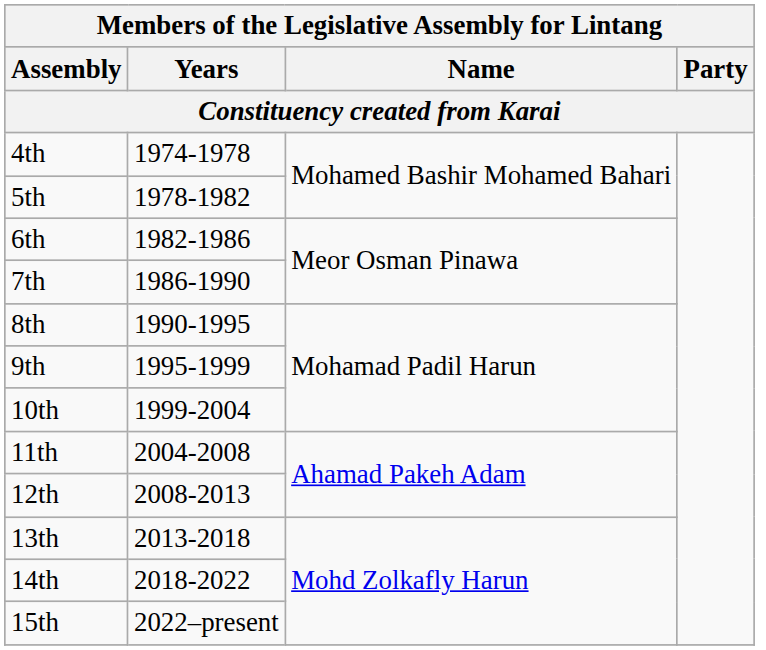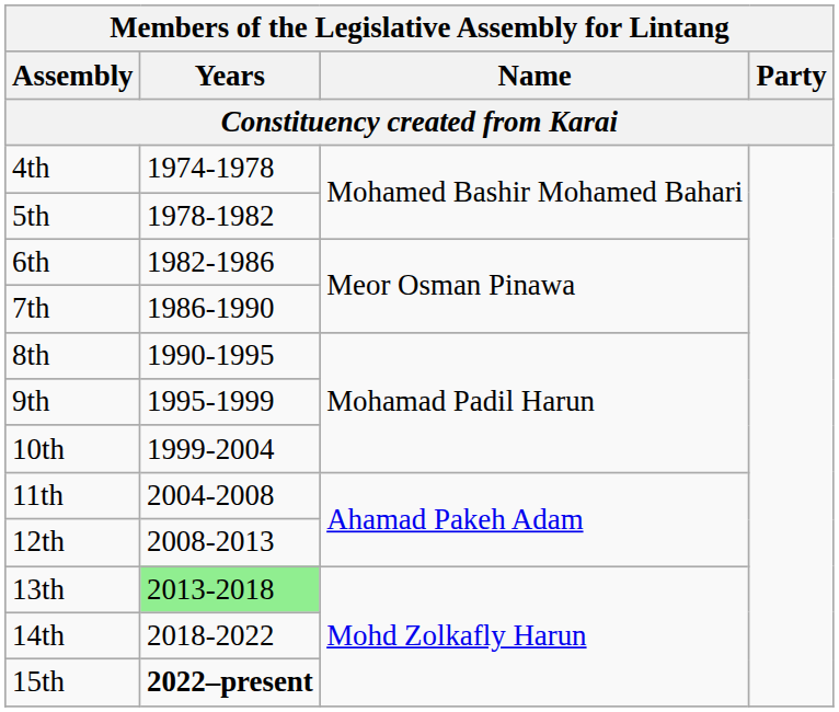 <table class="wikitable">
 <tr>
 <th colspan="4">Members of the Legislative Assembly for Lintang</th>
 </tr>
 <tr>
 <th>Assembly</th>
 <th>Years</th>
 <th>Name</th>
 <th>Party</th>
 </tr>
 <tr>
 <th colspan="4"><em>Constituency created from Karai</em></th>
 </tr>
 <tr>
 <td>4th</td>
 <td>1974-1978</td>
 <td rowspan="2">Mohamed Bashir Mohamed Bahari</td>
 <td rowspan="12"></td>
 </tr>
 <tr>
 <td>5th</td>
 <td>1978-1982</td>
 </tr>
 <tr>
 <td>6th</td>
 <td>1982-1986</td>
 <td rowspan="2">Meor Osman Pinawa</td>
 </tr>
 <tr>
 <td>7th</td>
 <td>1986-1990</td>
 </tr>
 <tr>
 <td>8th</td>
 <td>1990-1995</td>
 <td rowspan="3">Mohamad Padil Harun</td>
 </tr>
 <tr>
 <td>9th</td>
 <td>1995-1999</td>
 </tr>
 <tr>
 <td>10th</td>
 <td>1999-2004</td>
 </tr>
 <tr>
 <td>11th</td>
 <td>2004-2008</td>
 <td rowspan="2"><a href='#'>Ahamad Pakeh Adam</a></td>
 </tr>
 <tr>
 <td>12th</td>
 <td>2008-2013</td>
 </tr>
 <tr>
 <td>13th</td>
-<td>2013-2018</td>
+<td style="background: lightgreen;">2013-2018</td>
 <td rowspan="3"><a href='#'>Mohd Zolkafly Harun</a></td>
 </tr>
 <tr>
 <td>14th</td>
 <td>2018-2022</td>
 </tr>
 <tr>
 <td>15th</td>
-<td>2022–present</td>
+<td><strong>2022–present</strong></td>
 </tr>
 </table>
